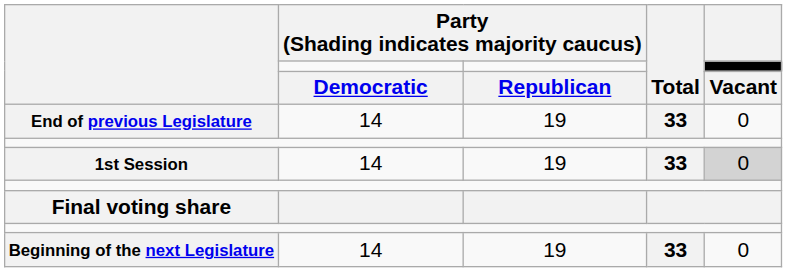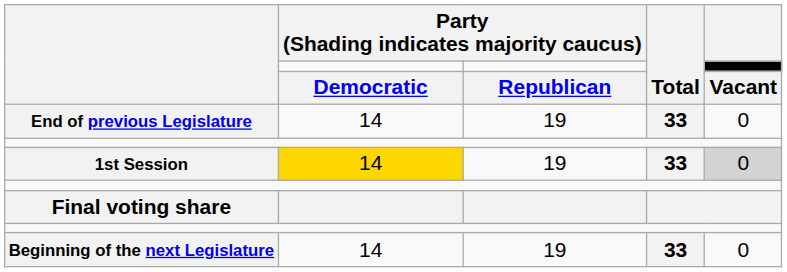 <table class=wikitable style="text-align:center">
 <tr style="vertical-align:bottom;">
 <th rowspan=3></th>
 <th colspan=2>Party <div>(Shading indicates majority caucus)</div></th>
 <th rowspan=3>Total</th>
 <th></th>
 </tr>
 <tr style="height:5px">
 <td style="background-color:"></td>
 <td style="background-color:"></td>
 <td style="background:black;"></td>
 </tr>
 <tr>
 <th><a href='#'>Democratic</a></th>
 <th><a href='#'>Republican</a></th>
 <th>Vacant</th>
 </tr>
 <tr>
 <th style="font-size:80%;">End of <a href='#'>previous Legislature</a></th>
 <td>14</td>
 <td>19</td>
 <th>33</th>
 <td>0</td>
 </tr>
 <tr>
 <td colspan=6></td>
 </tr>
 <tr>
 <th style="font-size:80%;">1st Session</th>
-<td>14</td>
+<td style="background: gold;">14</td>
 <td>19</td>
 <th>33</th>
 <td style="background: lightgrey;">0</td>
 </tr>
 <tr>
 <td colspan=6></td>
 </tr>
 <tr>
 <th>Final voting share</th>
 <th></th>
 <th></th>
 <th colspan=2></th>
 </tr>
 <tr>
 <td colspan=6></td>
 </tr>
 <tr>
 <th style="font-size:80%;">Beginning of the <a href='#'>next Legislature</a></th>
 <td>14</td>
 <td>19</td>
 <th>33</th>
 <td>0</td>
 </tr>
 </table>
